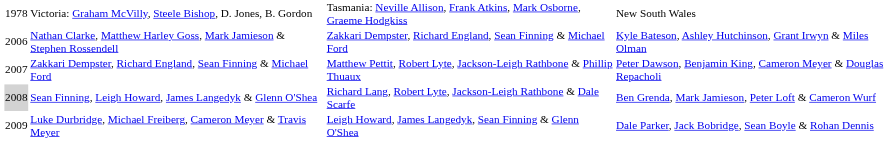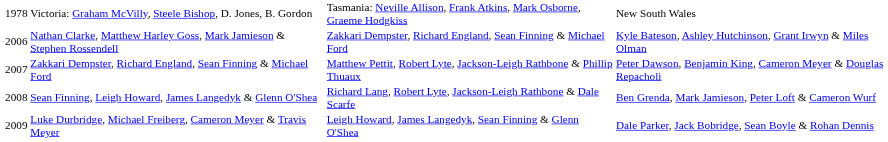 <table>
 <tr>
 <td>1978</td>
 <td>Victoria: <a href='#'>Graham McVilly</a>, <a href='#'>Steele Bishop</a>, D. Jones, B. Gordon</td>
 <td>Tasmania: <a href='#'>Neville Allison</a>, <a href='#'>Frank Atkins</a>, <a href='#'>Mark Osborne</a>, <a href='#'>Graeme Hodgkiss</a></td>
 <td>New South Wales</td>
 </tr>
 <tr>
 <td>2006</td>
 <td><a href='#'>Nathan Clarke</a>, <a href='#'>Matthew Harley Goss</a>, <a href='#'>Mark Jamieson</a> & <a href='#'>Stephen Rossendell</a></td>
 <td><a href='#'>Zakkari Dempster</a>, <a href='#'>Richard England</a>, <a href='#'>Sean Finning</a> & <a href='#'>Michael Ford</a></td>
 <td><a href='#'>Kyle Bateson</a>, <a href='#'>Ashley Hutchinson</a>, <a href='#'>Grant Irwyn</a> & <a href='#'>Miles Olman</a></td>
 </tr>
 <tr>
 <td>2007</td>
 <td><a href='#'>Zakkari Dempster</a>, <a href='#'>Richard England</a>, <a href='#'>Sean Finning</a> & <a href='#'>Michael Ford</a></td>
 <td><a href='#'>Matthew Pettit</a>, <a href='#'>Robert Lyte</a>, <a href='#'>Jackson-Leigh Rathbone</a> & <a href='#'>Phillip Thuaux</a></td>
 <td><a href='#'>Peter Dawson</a>, <a href='#'>Benjamin King</a>, <a href='#'>Cameron Meyer</a> & <a href='#'>Douglas Repacholi</a></td>
 </tr>
 <tr>
-<td style="background: lightgrey;">2008</td>
+<td>2008</td>
 <td><a href='#'>Sean Finning</a>, <a href='#'>Leigh Howard</a>, <a href='#'>James Langedyk</a> & <a href='#'>Glenn O'Shea</a></td>
 <td><a href='#'>Richard Lang</a>, <a href='#'>Robert Lyte</a>, <a href='#'>Jackson-Leigh Rathbone</a> & <a href='#'>Dale Scarfe</a></td>
 <td><a href='#'>Ben Grenda</a>, <a href='#'>Mark Jamieson</a>, <a href='#'>Peter Loft</a> & <a href='#'>Cameron Wurf</a></td>
 </tr>
 <tr>
 <td>2009</td>
 <td><a href='#'>Luke Durbridge</a>, <a href='#'>Michael Freiberg</a>, <a href='#'>Cameron Meyer</a> & <a href='#'>Travis Meyer</a></td>
 <td><a href='#'>Leigh Howard</a>, <a href='#'>James Langedyk</a>, <a href='#'>Sean Finning</a> & <a href='#'>Glenn O'Shea</a></td>
 <td><a href='#'>Dale Parker</a>, <a href='#'>Jack Bobridge</a>, <a href='#'>Sean Boyle</a> & <a href='#'>Rohan Dennis</a></td>
 </tr>
 </table>
